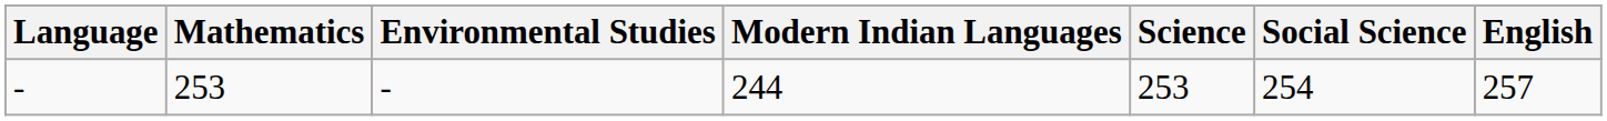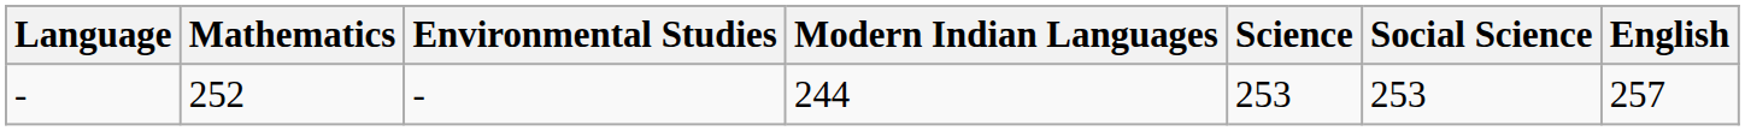 <table class="wikitable">
 <tr>
 <th>Language</th>
 <th>Mathematics</th>
 <th>Environmental Studies</th>
 <th>Modern Indian Languages</th>
 <th>Science</th>
 <th>Social Science</th>
 <th>English</th>
 </tr>
 <tr>
 <td>-</td>
-<td>253</td>
+<td>252</td>
 <td>-</td>
 <td>244</td>
 <td>253</td>
-<td>254</td>
+<td>253</td>
 <td>257</td>
 </tr>
 </table>
